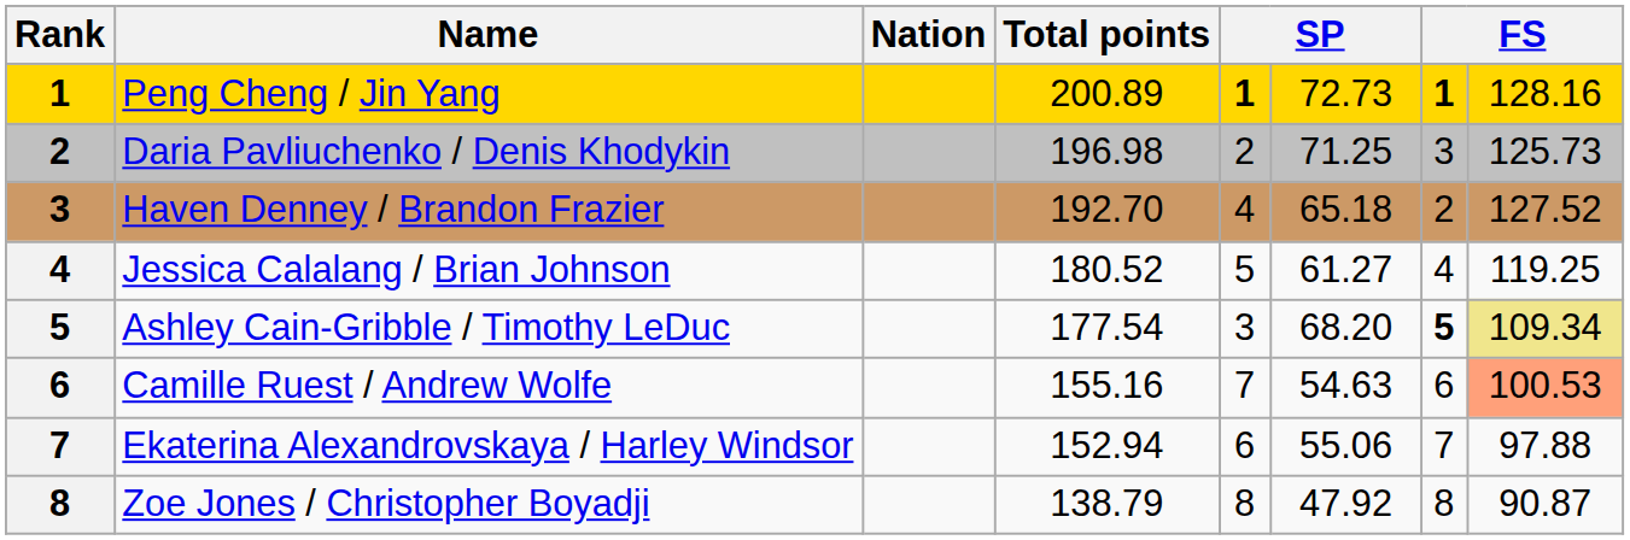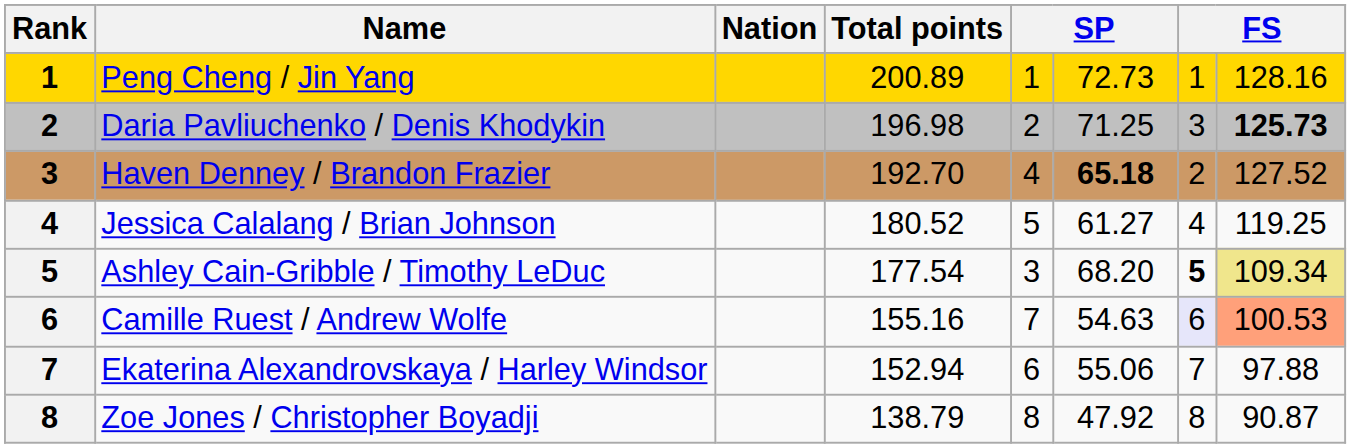 <table class="wikitable sortable">
 <tr>
 <th>Rank</th>
 <th>Name</th>
 <th>Nation</th>
 <th>Total points</th>
 <th width="80" colspan="2"><a href='#'>SP</a></th>
 <th width="80" colspan="2"><a href='#'>FS</a></th>
 </tr>
 <tr bgcolor="gold">
 <td align="center"><strong>1</strong></td>
 <td><a href='#'>Peng Cheng</a> / <a href='#'>Jin Yang</a></td>
 <td></td>
 <td align="center">200.89</td>
-<td align="center"><strong>1</strong></td>
+<td align="center">1</td>
 <td align="center">72.73</td>
-<td align="center"><strong>1</strong></td>
+<td align="center">1</td>
 <td align="center">128.16</td>
 </tr>
 <tr bgcolor="silver">
 <td align="center"><strong>2</strong></td>
 <td><a href='#'>Daria Pavliuchenko</a> / <a href='#'>Denis Khodykin</a></td>
 <td></td>
 <td align="center">196.98</td>
 <td align="center">2</td>
 <td align="center">71.25</td>
 <td align="center">3</td>
-<td align="center">125.73</td>
+<td align="center"><strong>125.73</strong></td>
 </tr>
 <tr bgcolor="#cc9966">
 <td align="center"><strong>3</strong></td>
 <td><a href='#'>Haven Denney</a> / <a href='#'>Brandon Frazier</a></td>
 <td></td>
 <td align="center">192.70</td>
 <td align="center">4</td>
-<td align="center">65.18</td>
+<td align="center"><strong>65.18</strong></td>
 <td align="center">2</td>
 <td align="center">127.52</td>
 </tr>
 <tr>
 <th>4</th>
 <td><a href='#'>Jessica Calalang</a> / <a href='#'>Brian Johnson</a></td>
 <td></td>
 <td align="center">180.52</td>
 <td align="center">5</td>
 <td align="center">61.27</td>
 <td align="center">4</td>
 <td align="center">119.25</td>
 </tr>
 <tr>
 <th>5</th>
 <td><a href='#'>Ashley Cain-Gribble</a> / <a href='#'>Timothy LeDuc</a></td>
 <td></td>
 <td align="center">177.54</td>
 <td align="center">3</td>
 <td align="center">68.20</td>
 <td align="center"><strong>5</strong></td>
 <td align="center" style="background: khaki;">109.34</td>
 </tr>
 <tr>
 <th>6</th>
 <td><a href='#'>Camille Ruest</a> / <a href='#'>Andrew Wolfe</a></td>
 <td></td>
 <td align="center">155.16</td>
 <td align="center">7</td>
 <td align="center">54.63</td>
-<td align="center">6</td>
+<td align="center" style="background: lavender;">6</td>
 <td align="center" style="background: lightsalmon;">100.53</td>
 </tr>
 <tr>
 <th>7</th>
 <td><a href='#'>Ekaterina Alexandrovskaya</a> / <a href='#'>Harley Windsor</a></td>
 <td></td>
 <td align="center">152.94</td>
 <td align="center">6</td>
 <td align="center">55.06</td>
 <td align="center">7</td>
 <td align="center">97.88</td>
 </tr>
 <tr>
 <th>8</th>
 <td><a href='#'>Zoe Jones</a> / <a href='#'>Christopher Boyadji</a></td>
 <td></td>
 <td align="center">138.79</td>
 <td align="center">8</td>
 <td align="center">47.92</td>
 <td align="center">8</td>
 <td align="center">90.87</td>
 </tr>
 </table>
